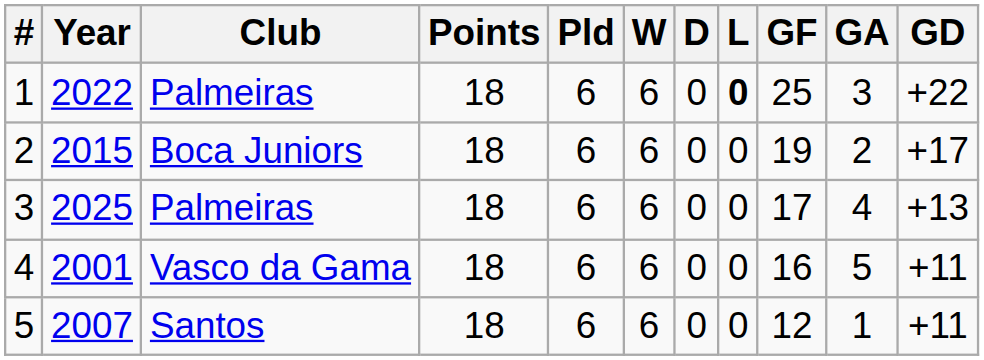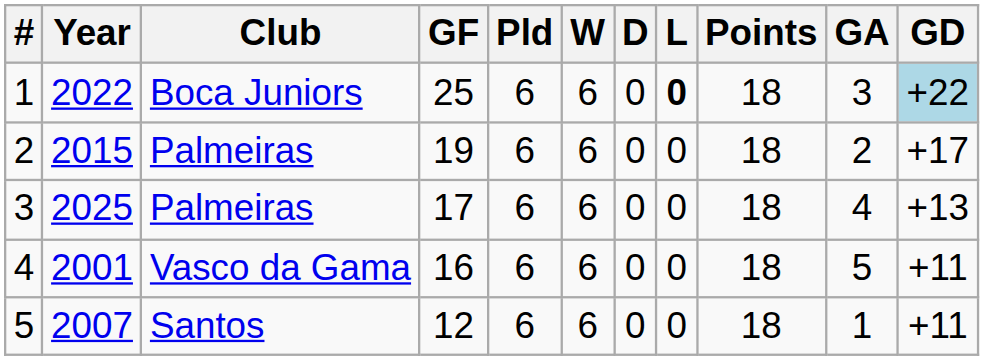 <table class="wikitable sortable" style="text-align:center">
 <tr>
 <th>#</th>
 <th>Year</th>
 <th>Club</th>
-<th>Points</th>
+<th>GF</th>
 <th>Pld</th>
 <th>W</th>
 <th>D</th>
 <th>L</th>
-<th>GF</th>
+<th>Points</th>
 <th>GA</th>
 <th>GD</th>
 </tr>
 <tr>
 <td>1</td>
 <td><a href='#'>2022</a></td>
-<td style="text-align: left"> <a href='#'>Palmeiras</a></td>
-<td>18</td>
+<td style="text-align: left"> <a href='#'>Boca Juniors</a></td>
+<td>25</td>
 <td>6</td>
 <td>6</td>
 <td>0</td>
 <td><strong>0</strong></td>
-<td>25</td>
+<td>18</td>
 <td>3</td>
-<td>+22</td>
+<td style="background: lightblue;">+22</td>
 </tr>
 <tr>
 <td>2</td>
 <td><a href='#'>2015</a></td>
-<td style="text-align: left"> <a href='#'>Boca Juniors</a></td>
-<td>18</td>
+<td style="text-align: left"> <a href='#'>Palmeiras</a></td>
+<td>19</td>
 <td>6</td>
 <td>6</td>
 <td>0</td>
 <td>0</td>
-<td>19</td>
+<td>18</td>
 <td>2</td>
 <td>+17</td>
 </tr>
 <tr>
 <td>3</td>
 <td><a href='#'>2025</a></td>
 <td style="text-align: left"> <a href='#'>Palmeiras</a></td>
-<td>18</td>
+<td>17</td>
 <td>6</td>
 <td>6</td>
 <td>0</td>
 <td>0</td>
-<td>17</td>
+<td>18</td>
 <td>4</td>
 <td>+13</td>
 </tr>
 <tr>
 <td>4</td>
 <td><a href='#'>2001</a></td>
 <td style="text-align: left"> <a href='#'>Vasco da Gama</a></td>
-<td>18</td>
+<td>16</td>
 <td>6</td>
 <td>6</td>
 <td>0</td>
 <td>0</td>
-<td>16</td>
+<td>18</td>
 <td>5</td>
 <td>+11</td>
 </tr>
 <tr>
 <td>5</td>
 <td><a href='#'>2007</a></td>
 <td style="text-align: left"> <a href='#'>Santos</a></td>
-<td>18</td>
+<td>12</td>
 <td>6</td>
 <td>6</td>
 <td>0</td>
 <td>0</td>
-<td>12</td>
+<td>18</td>
 <td>1</td>
 <td>+11</td>
 </tr>
 </table>
